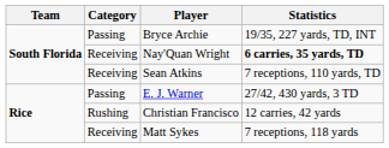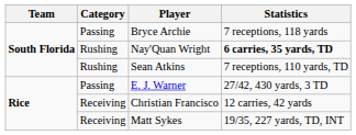 <table class="wikitable" style="float: right;">
 <tr>
 <th>Team</th>
 <th>Category</th>
 <th>Player</th>
 <th>Statistics</th>
 </tr>
 <tr>
 <td rowspan=3><strong>South Florida</strong></td>
 <td>Passing</td>
 <td>Bryce Archie</td>
-<td>19/35, 227 yards, TD, INT</td>
+<td>7 receptions, 118 yards</td>
 </tr>
 <tr>
-<td>Receiving</td>
+<td>Rushing</td>
 <td>Nay'Quan Wright</td>
 <td><strong>6 carries, 35 yards, TD</strong></td>
 </tr>
 <tr>
-<td>Receiving</td>
+<td>Rushing</td>
 <td>Sean Atkins</td>
 <td>7 receptions, 110 yards, TD</td>
 </tr>
 <tr>
 <td rowspan=3><strong>Rice</strong></td>
 <td>Passing</td>
 <td><a href='#'>E. J. Warner</a></td>
 <td>27/42, 430 yards, 3 TD</td>
 </tr>
 <tr>
-<td>Rushing</td>
+<td>Receiving</td>
 <td>Christian Francisco</td>
 <td>12 carries, 42 yards</td>
 </tr>
 <tr>
 <td>Receiving</td>
 <td>Matt Sykes</td>
-<td>7 receptions, 118 yards</td>
+<td>19/35, 227 yards, TD, INT</td>
 </tr>
 </table>
